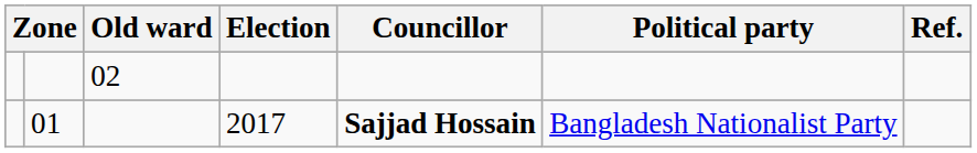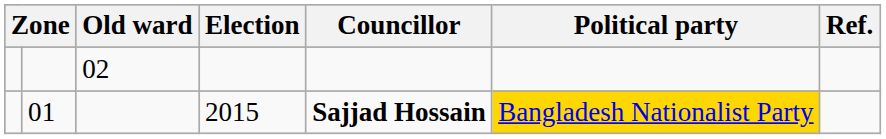 <table class="wikitable">
 <tr>
 <th colspan="2">Zone</th>
 <th>Old ward</th>
 <th>Election</th>
 <th>Councillor</th>
 <th>Political party</th>
 <th>Ref.</th>
 </tr>
 <tr>
 <td style="background-color:"></td>
 <td></td>
 <td>02</td>
 <td></td>
 <td></td>
 <td></td>
 <td></td>
 </tr>
 <tr>
 <td style="background-color: "></td>
 <td>01</td>
 <td></td>
-<td>2017</td>
+<td>2015</td>
 <td><strong>Sajjad Hossain</strong></td>
-<td><a href='#'>Bangladesh Nationalist Party</a></td>
+<td style="background: gold;"><a href='#'>Bangladesh Nationalist Party</a></td>
 <td></td>
 </tr>
 </table>
